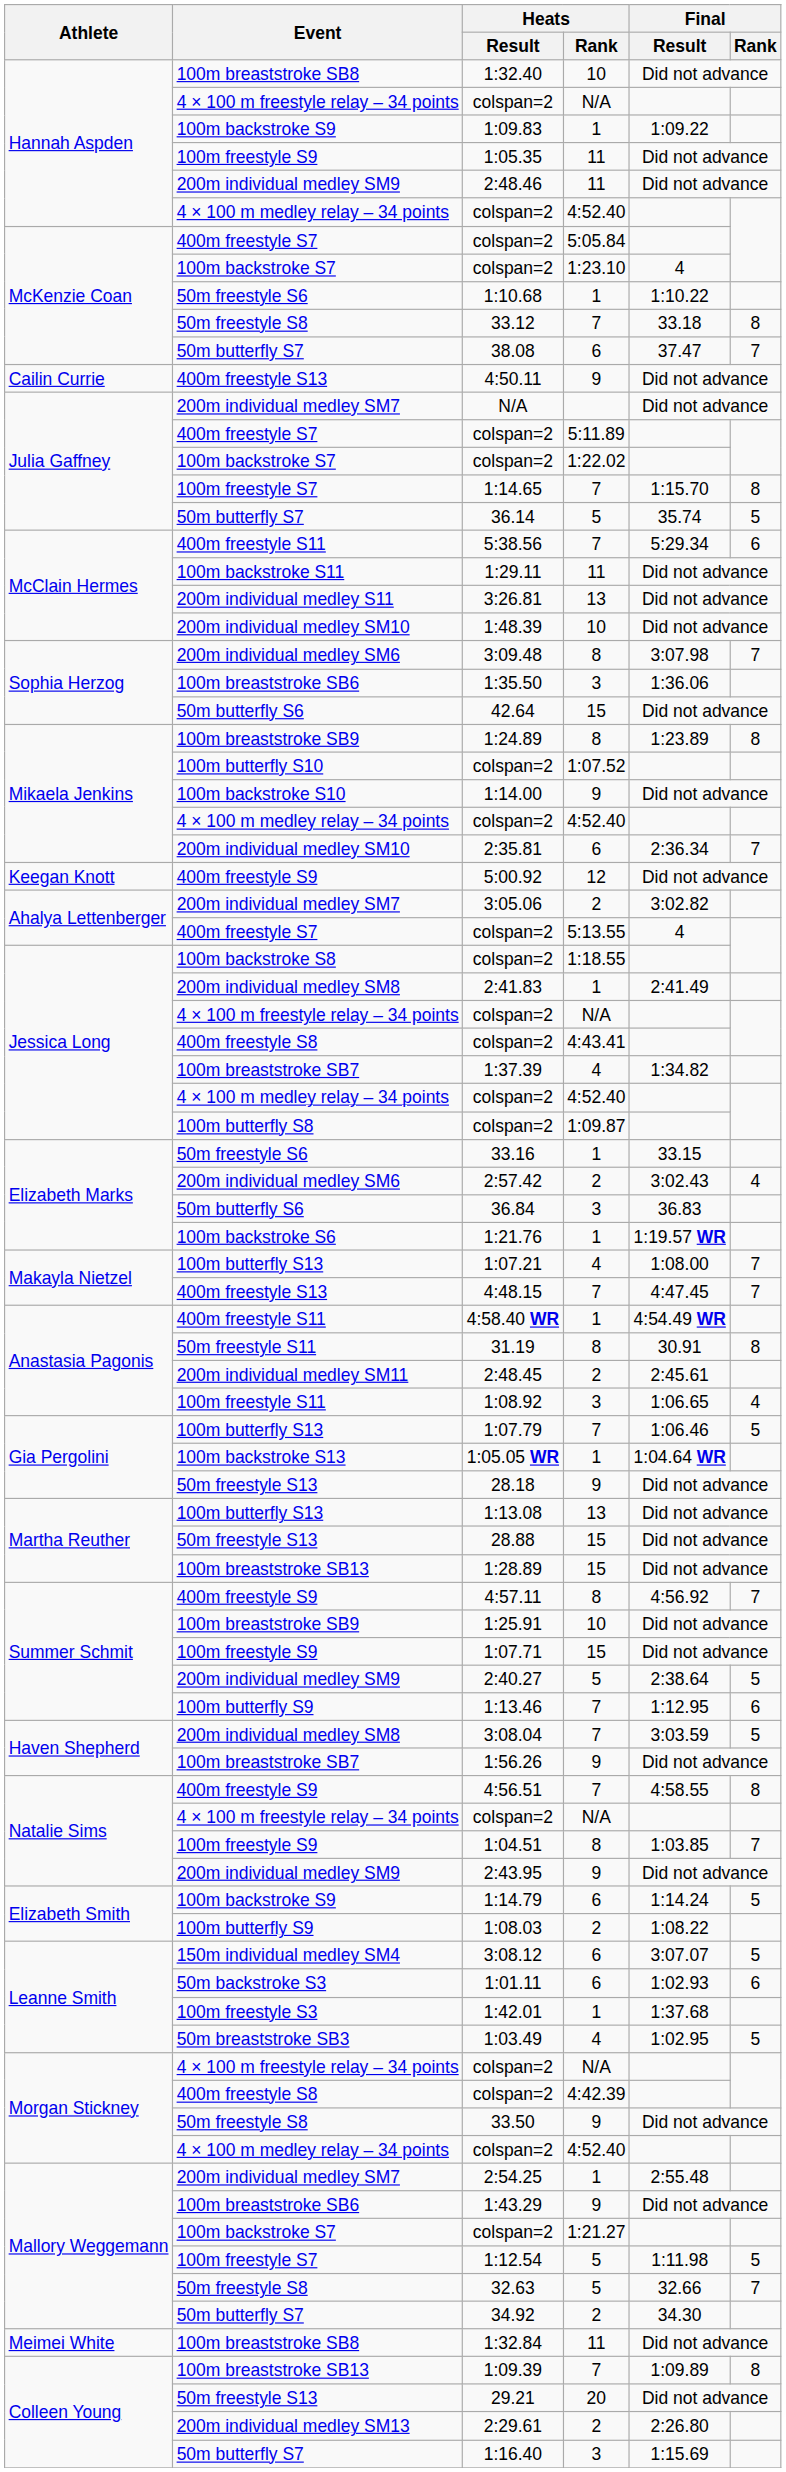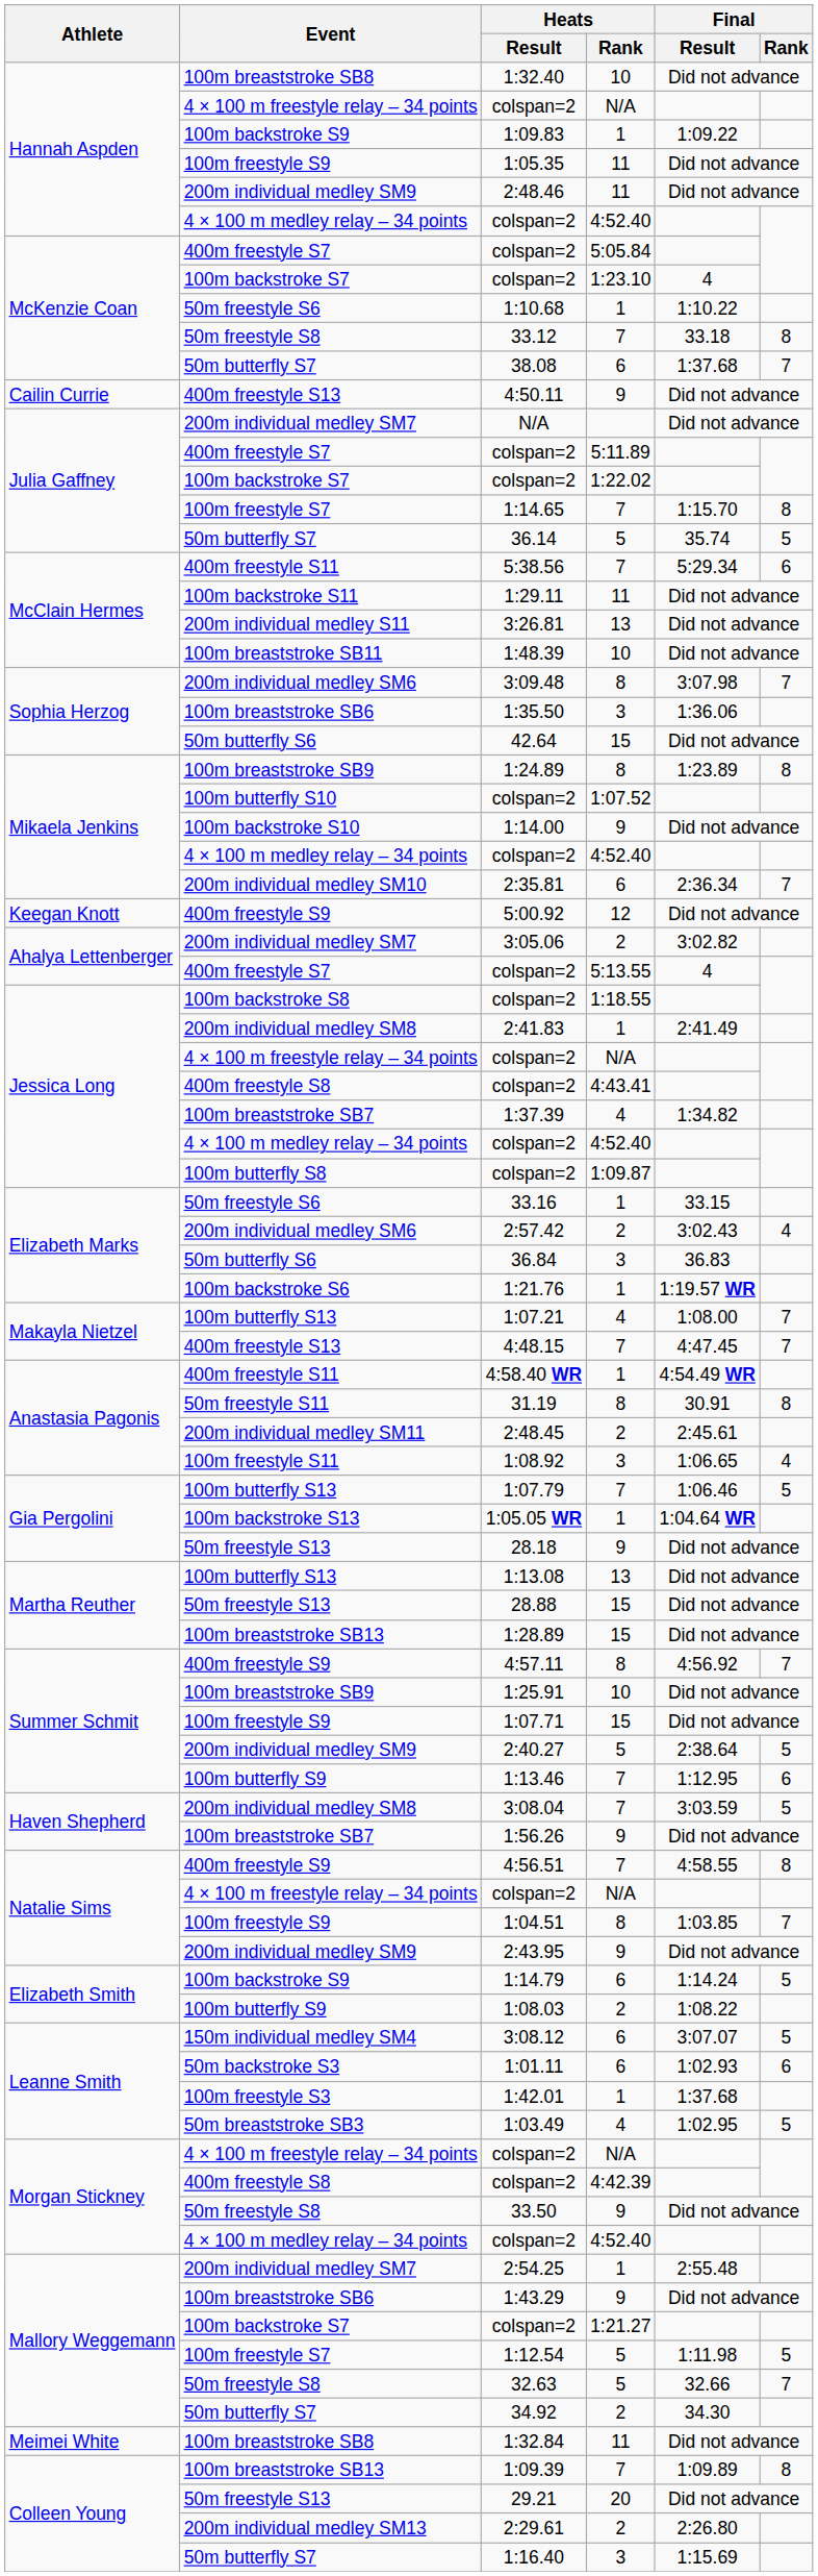 <table class=wikitable style="font-size:95%">
 <tr>
 <th rowspan="2">Athlete</th>
 <th rowspan="2">Event</th>
 <th colspan="2">Heats</th>
 <th colspan="2">Final</th>
 </tr>
 <tr>
 <th>Result</th>
 <th>Rank</th>
 <th>Result</th>
 <th>Rank</th>
 </tr>
 <tr align=center>
 <td rowspan=6 align=left><a href='#'>Hannah Aspden</a></td>
 <td align=left><a href='#'>100m breaststroke SB8</a></td>
 <td>1:32.40</td>
 <td>10</td>
 <td colspan=2>Did not advance</td>
 </tr>
 <tr align=center>
 <td align=left><a href='#'>4 × 100 m freestyle relay – 34 points</a></td>
 <td>colspan=2 </td>
 <td>N/A</td>
 <td><strong></strong></td>
 </tr>
 <tr align=center>
 <td align=left><a href='#'>100m backstroke S9</a></td>
 <td>1:09.83</td>
 <td>1 <strong></strong></td>
 <td>1:09.22 <strong></strong></td>
 <td></td>
 </tr>
 <tr align=center>
 <td align=left><a href='#'>100m freestyle S9</a></td>
 <td>1:05.35</td>
 <td>11</td>
 <td colspan=2>Did not advance</td>
 </tr>
 <tr align=center>
 <td align=left><a href='#'>200m individual medley SM9</a></td>
 <td>2:48.46</td>
 <td>11</td>
 <td colspan=2>Did not advance</td>
 </tr>
 <tr align=center>
 <td align=left><a href='#'>4 × 100 m medley relay – 34 points</a></td>
 <td>colspan=2 </td>
 <td>4:52.40</td>
 <td></td>
 </tr>
 <tr align=center>
 <td rowspan=5 align=left><a href='#'>McKenzie Coan</a></td>
 <td align=left><a href='#'>400m freestyle S7</a></td>
 <td>colspan=2 </td>
 <td>5:05.84</td>
 <td></td>
 </tr>
 <tr align=center>
 <td align=left><a href='#'>100m backstroke S7</a></td>
 <td>colspan=2 </td>
 <td>1:23.10</td>
 <td>4</td>
 </tr>
 <tr align=center>
 <td align=left><a href='#'>50m freestyle S6</a></td>
 <td>1:10.68</td>
 <td>1 <strong></strong></td>
 <td>1:10.22</td>
 <td></td>
 </tr>
 <tr align=center>
 <td align=left><a href='#'>50m freestyle S8</a></td>
 <td>33.12</td>
 <td>7 <strong></strong></td>
 <td>33.18</td>
 <td>8</td>
 </tr>
 <tr align=center>
 <td align=left><a href='#'>50m butterfly S7</a></td>
 <td>38.08</td>
 <td>6 <strong></strong></td>
-<td>37.47</td>
+<td>1:37.68</td>
 <td>7</td>
 </tr>
 <tr align=center>
 <td align=left><a href='#'>Cailin Currie</a></td>
 <td align=left><a href='#'>400m freestyle S13</a></td>
 <td>4:50.11</td>
 <td>9</td>
 <td colspan=2>Did not advance</td>
 </tr>
 <tr align=center>
 <td rowspan=5 align=left><a href='#'>Julia Gaffney</a></td>
 <td align=left><a href='#'>200m individual medley SM7</a></td>
 <td>N/A</td>
 <td><strong></strong></td>
 <td colspan=2>Did not advance</td>
 </tr>
 <tr align=center>
 <td align=left><a href='#'>400m freestyle S7</a></td>
 <td>colspan=2 </td>
 <td>5:11.89</td>
 <td></td>
 </tr>
 <tr align=center>
 <td align=left><a href='#'>100m backstroke S7</a></td>
 <td>colspan=2 </td>
 <td>1:22.02</td>
 <td></td>
 </tr>
 <tr align=center>
 <td align=left><a href='#'>100m freestyle S7</a></td>
 <td>1:14.65</td>
 <td>7 <strong></strong></td>
 <td>1:15.70</td>
 <td>8</td>
 </tr>
 <tr align=center>
 <td align=left><a href='#'>50m butterfly S7</a></td>
 <td>36.14</td>
 <td>5 <strong></strong></td>
 <td>35.74</td>
 <td>5</td>
 </tr>
 <tr align=center>
 <td rowspan=4 align=left><a href='#'>McClain Hermes</a></td>
 <td align=left><a href='#'>400m freestyle S11</a></td>
 <td>5:38.56</td>
 <td>7 <strong></strong></td>
 <td>5:29.34</td>
 <td>6</td>
 </tr>
 <tr align=center>
 <td align=left><a href='#'>100m backstroke S11</a></td>
 <td>1:29.11</td>
 <td>11</td>
 <td colspan=2>Did not advance</td>
 </tr>
 <tr align=center>
 <td align=left><a href='#'>200m individual medley S11</a></td>
 <td>3:26.81</td>
 <td>13</td>
 <td colspan=2>Did not advance</td>
 </tr>
 <tr align=center>
-<td align=left><a href='#'>200m individual medley SM10</a></td>
+<td align=left><a href='#'>100m breaststroke SB11</a></td>
 <td>1:48.39</td>
 <td>10</td>
 <td colspan=2>Did not advance</td>
 </tr>
 <tr align=center>
 <td rowspan=3 align=left><a href='#'>Sophia Herzog</a></td>
 <td align=left><a href='#'>200m individual medley SM6</a></td>
 <td>3:09.48</td>
 <td>8 <strong></strong></td>
 <td>3:07.98</td>
 <td>7</td>
 </tr>
 <tr align=center>
 <td align=left><a href='#'>100m breaststroke SB6</a></td>
 <td>1:35.50 <strong></strong></td>
 <td>3 <strong></strong></td>
 <td>1:36.06</td>
 <td></td>
 </tr>
 <tr align=center>
 <td align=left><a href='#'>50m butterfly S6</a></td>
 <td>42.64</td>
 <td>15</td>
 <td colspan=2>Did not advance</td>
 </tr>
 <tr align=center>
 <td rowspan=5 align=left><a href='#'>Mikaela Jenkins</a></td>
 <td align=left><a href='#'>100m breaststroke SB9</a></td>
 <td>1:24.89</td>
 <td>8 <strong></strong></td>
 <td>1:23.89</td>
 <td>8</td>
 </tr>
 <tr align=center>
 <td align=left><a href='#'>100m butterfly S10</a></td>
 <td>colspan=2 </td>
 <td>1:07.52</td>
 <td></td>
 </tr>
 <tr align=center>
 <td align=left><a href='#'>100m backstroke S10</a></td>
 <td>1:14.00</td>
 <td>9</td>
 <td colspan=2>Did not advance</td>
 </tr>
 <tr align=center>
 <td align=left><a href='#'>4 × 100 m medley relay – 34 points</a></td>
 <td>colspan=2 </td>
 <td>4:52.40</td>
 <td></td>
 </tr>
 <tr align=center>
 <td align=left><a href='#'>200m individual medley SM10</a></td>
 <td>2:35.81</td>
 <td>6 <strong></strong></td>
 <td>2:36.34</td>
 <td>7</td>
 </tr>
 <tr align=center>
 <td align=left><a href='#'>Keegan Knott</a></td>
 <td align=left><a href='#'>400m freestyle S9</a></td>
 <td>5:00.92</td>
 <td>12</td>
 <td colspan=2>Did not advance</td>
 </tr>
 <tr align=center>
 <td rowspan=2 align=left><a href='#'>Ahalya Lettenberger</a></td>
 <td align=left><a href='#'>200m individual medley SM7</a></td>
 <td>3:05.06</td>
 <td>2 <strong></strong></td>
 <td>3:02.82</td>
 <td></td>
 </tr>
 <tr align=center>
 <td align=left><a href='#'>400m freestyle S7</a></td>
 <td>colspan=2 </td>
 <td>5:13.55</td>
 <td>4</td>
 </tr>
 <tr align=center>
 <td rowspan=7 align=left><a href='#'>Jessica Long</a></td>
 <td align=left><a href='#'>100m backstroke S8</a></td>
 <td>colspan=2 </td>
 <td>1:18.55</td>
 <td></td>
 </tr>
 <tr align=center>
 <td align=left><a href='#'>200m individual medley SM8</a></td>
 <td>2:41.83</td>
 <td>1 <strong></strong></td>
 <td>2:41.49</td>
 <td></td>
 </tr>
 <tr align=center>
 <td align=left><a href='#'>4 × 100 m freestyle relay – 34 points</a></td>
 <td>colspan=2 </td>
 <td>N/A</td>
 <td><strong></strong></td>
 </tr>
 <tr align=center>
 <td align=left><a href='#'>400m freestyle S8</a></td>
 <td>colspan=2 </td>
 <td>4:43.41</td>
 <td></td>
 </tr>
 <tr align=center>
 <td align=left><a href='#'>100m breaststroke SB7</a></td>
 <td>1:37.39</td>
 <td>4 <strong></strong></td>
 <td>1:34.82</td>
 <td></td>
 </tr>
 <tr align=center>
 <td align=left><a href='#'>4 × 100 m medley relay – 34 points</a></td>
 <td>colspan=2 </td>
 <td>4:52.40</td>
 <td></td>
 </tr>
 <tr align=center>
 <td align=left><a href='#'>100m butterfly S8</a></td>
 <td>colspan=2 </td>
 <td>1:09.87</td>
 <td></td>
 </tr>
 <tr align=center>
 <td rowspan=4 align=left><a href='#'>Elizabeth Marks</a></td>
 <td align=left><a href='#'>50m freestyle S6</a></td>
 <td>33.16 <strong></strong></td>
 <td>1 <strong></strong></td>
 <td>33.15</td>
 <td></td>
 </tr>
 <tr align=center>
 <td align=left><a href='#'>200m individual medley SM6</a></td>
 <td>2:57.42</td>
 <td>2 <strong></strong></td>
 <td>3:02.43</td>
 <td>4</td>
 </tr>
 <tr align=center>
 <td align=left><a href='#'>50m butterfly S6</a></td>
 <td>36.84 <strong></strong></td>
 <td>3 <strong></strong></td>
 <td>36.83 <strong></strong></td>
 <td></td>
 </tr>
 <tr align=center>
 <td align=left><a href='#'>100m backstroke S6</a></td>
 <td>1:21.76</td>
 <td>1 <strong></strong></td>
 <td>1:19.57 <strong><a href='#'>WR</a></strong></td>
 <td></td>
 </tr>
 <tr align=center>
 <td rowspan=2 align=left><a href='#'>Makayla Nietzel</a></td>
 <td align=left><a href='#'>100m butterfly S13</a></td>
 <td>1:07.21</td>
 <td>4 <strong></strong></td>
 <td>1:08.00</td>
 <td>7</td>
 </tr>
 <tr align=center>
 <td align=left><a href='#'>400m freestyle S13</a></td>
 <td>4:48.15</td>
 <td>7 <strong></strong></td>
 <td>4:47.45</td>
 <td>7</td>
 </tr>
 <tr align=center>
 <td rowspan=4 align=left><a href='#'>Anastasia Pagonis</a></td>
 <td align=left><a href='#'>400m freestyle S11</a></td>
 <td>4:58.40 <strong><a href='#'>WR</a></strong></td>
 <td>1 <strong></strong></td>
 <td>4:54.49 <strong><a href='#'>WR</a></strong></td>
 <td></td>
 </tr>
 <tr align=center>
 <td align=left><a href='#'>50m freestyle S11</a></td>
 <td>31.19</td>
 <td>8 <strong></strong></td>
 <td>30.91 <strong></strong></td>
 <td>8</td>
 </tr>
 <tr align=center>
 <td align=left><a href='#'>200m individual medley SM11</a></td>
 <td>2:48.45</td>
 <td>2 <strong></strong></td>
 <td>2:45.61 <strong></strong></td>
 <td></td>
 </tr>
 <tr align=center>
 <td align=left><a href='#'>100m freestyle S11</a></td>
 <td>1:08.92</td>
 <td>3 <strong></strong></td>
 <td>1:06.65</td>
 <td>4</td>
 </tr>
 <tr align=center>
 <td rowspan=3 align=left><a href='#'>Gia Pergolini</a></td>
 <td align=left><a href='#'>100m butterfly S13</a></td>
 <td>1:07.79</td>
 <td>7 <strong></strong></td>
 <td>1:06.46</td>
 <td>5</td>
 </tr>
 <tr align=center>
 <td align=left><a href='#'>100m backstroke S13</a></td>
 <td>1:05.05 <strong><a href='#'>WR</a></strong></td>
 <td>1 <strong></strong></td>
 <td>1:04.64 <strong><a href='#'>WR</a></strong></td>
 <td></td>
 </tr>
 <tr align=center>
 <td align=left><a href='#'>50m freestyle S13</a></td>
 <td>28.18</td>
 <td>9</td>
 <td colspan=2>Did not advance</td>
 </tr>
 <tr align=center>
 <td rowspan=3 align=left><a href='#'>Martha Reuther</a></td>
 <td align=left><a href='#'>100m butterfly S13</a></td>
 <td>1:13.08</td>
 <td>13</td>
 <td colspan=2>Did not advance</td>
 </tr>
 <tr align=center>
 <td align=left><a href='#'>50m freestyle S13</a></td>
 <td>28.88</td>
 <td>15</td>
 <td colspan=2>Did not advance</td>
 </tr>
 <tr align=center>
 <td align=left><a href='#'>100m breaststroke SB13</a></td>
 <td>1:28.89</td>
 <td>15</td>
 <td colspan=2>Did not advance</td>
 </tr>
 <tr align=center>
 <td rowspan=5 align=left><a href='#'>Summer Schmit</a></td>
 <td align=left><a href='#'>400m freestyle S9</a></td>
 <td>4:57.11</td>
 <td>8 <strong></strong></td>
 <td>4:56.92</td>
 <td>7</td>
 </tr>
 <tr align=center>
 <td align=left><a href='#'>100m breaststroke SB9</a></td>
 <td>1:25.91</td>
 <td>10</td>
 <td colspan=2>Did not advance</td>
 </tr>
 <tr align=center>
 <td align=left><a href='#'>100m freestyle S9</a></td>
 <td>1:07.71</td>
 <td>15</td>
 <td colspan=2>Did not advance</td>
 </tr>
 <tr align=center>
 <td align=left><a href='#'>200m individual medley SM9</a></td>
 <td>2:40.27</td>
 <td>5 <strong></strong></td>
 <td>2:38.64</td>
 <td>5</td>
 </tr>
 <tr align=center>
 <td align=left><a href='#'>100m butterfly S9</a></td>
 <td>1:13.46</td>
 <td>7 <strong></strong></td>
 <td>1:12.95</td>
 <td>6</td>
 </tr>
 <tr align=center>
 <td rowspan=2 align=left><a href='#'>Haven Shepherd</a></td>
 <td align=left><a href='#'>200m individual medley SM8</a></td>
 <td>3:08.04</td>
 <td>7 <strong></strong></td>
 <td>3:03.59</td>
 <td>5</td>
 </tr>
 <tr align=center>
 <td align=left><a href='#'>100m breaststroke SB7</a></td>
 <td>1:56.26</td>
 <td>9</td>
 <td colspan=2>Did not advance</td>
 </tr>
 <tr align=center>
 <td rowspan=4 align=left><a href='#'>Natalie Sims</a></td>
 <td align=left><a href='#'>400m freestyle S9</a></td>
 <td>4:56.51</td>
 <td>7 <strong></strong></td>
 <td>4:58.55</td>
 <td>8</td>
 </tr>
 <tr align=center>
 <td align=left><a href='#'>4 × 100 m freestyle relay – 34 points</a></td>
 <td>colspan=2 </td>
 <td>N/A</td>
 <td><strong></strong></td>
 </tr>
 <tr align=center>
 <td align=left><a href='#'>100m freestyle S9</a></td>
 <td>1:04.51</td>
 <td>8 <strong></strong></td>
 <td>1:03.85</td>
 <td>7</td>
 </tr>
 <tr align=center>
 <td align=left><a href='#'>200m individual medley SM9</a></td>
 <td>2:43.95</td>
 <td>9</td>
 <td colspan=2>Did not advance</td>
 </tr>
 <tr align=center>
 <td rowspan=2 align=left><a href='#'>Elizabeth Smith</a></td>
 <td align=left><a href='#'>100m backstroke S9</a></td>
 <td>1:14.79</td>
 <td>6 <strong></strong></td>
 <td>1:14.24</td>
 <td>5</td>
 </tr>
 <tr align=center>
 <td align=left><a href='#'>100m butterfly S9</a></td>
 <td>1:08.03 <strong></strong></td>
 <td>2 <strong></strong></td>
 <td>1:08.22</td>
 <td></td>
 </tr>
 <tr align=center>
 <td rowspan=4 align=left><a href='#'>Leanne Smith</a></td>
 <td align=left><a href='#'>150m individual medley SM4</a></td>
 <td>3:08.12</td>
 <td>6 <strong></strong></td>
 <td>3:07.07</td>
 <td>5</td>
 </tr>
 <tr align=center>
 <td align=left><a href='#'>50m backstroke S3</a></td>
 <td>1:01.11</td>
 <td>6 <strong></strong></td>
 <td>1:02.93</td>
 <td>6</td>
 </tr>
 <tr align=center>
 <td align=left><a href='#'>100m freestyle S3</a></td>
 <td>1:42.01</td>
 <td>1 <strong></strong></td>
 <td>1:37.68</td>
 <td></td>
 </tr>
 <tr align=center>
 <td align=left><a href='#'>50m breaststroke SB3</a></td>
 <td>1:03.49</td>
 <td>4 <strong></strong></td>
 <td>1:02.95</td>
 <td>5</td>
 </tr>
 <tr align=center>
 <td rowspan=4 align=left><a href='#'>Morgan Stickney</a></td>
 <td align=left><a href='#'>4 × 100 m freestyle relay – 34 points</a></td>
 <td>colspan=2 </td>
 <td>N/A</td>
 <td><strong></strong></td>
 </tr>
 <tr align=center>
 <td align=left><a href='#'>400m freestyle S8</a></td>
 <td>colspan=2 </td>
 <td>4:42.39</td>
 <td></td>
 </tr>
 <tr align=center>
 <td align=left><a href='#'>50m freestyle S8</a></td>
 <td>33.50</td>
 <td>9</td>
 <td colspan=2>Did not advance</td>
 </tr>
 <tr align=center>
 <td align=left><a href='#'>4 × 100 m medley relay – 34 points</a></td>
 <td>colspan=2 </td>
 <td>4:52.40</td>
 <td></td>
 </tr>
 <tr align=center>
 <td rowspan=6 align=left><a href='#'>Mallory Weggemann</a></td>
 <td align=left><a href='#'>200m individual medley SM7</a></td>
 <td>2:54.25 <strong></strong></td>
 <td>1 <strong></strong></td>
 <td>2:55.48</td>
 <td></td>
 </tr>
 <tr align=center>
 <td align=left><a href='#'>100m breaststroke SB6</a></td>
 <td>1:43.29</td>
 <td>9</td>
 <td colspan=2>Did not advance</td>
 </tr>
 <tr align=center>
 <td align=left><a href='#'>100m backstroke S7</a></td>
 <td>colspan=2 </td>
 <td>1:21.27 <strong></strong></td>
 <td></td>
 </tr>
 <tr align=center>
 <td align=left><a href='#'>100m freestyle S7</a></td>
 <td>1:12.54</td>
 <td>5 <strong></strong></td>
 <td>1:11.98</td>
 <td>5</td>
 </tr>
 <tr align=center>
 <td align=left><a href='#'>50m freestyle S8</a></td>
 <td>32.63</td>
 <td>5 <strong></strong></td>
 <td>32.66</td>
 <td>7</td>
 </tr>
 <tr align=center>
 <td align=left><a href='#'>50m butterfly S7</a></td>
 <td>34.92</td>
 <td>2 <strong></strong></td>
 <td>34.30</td>
 <td></td>
 </tr>
 <tr align=center>
 <td align=left><a href='#'>Meimei White</a></td>
 <td align=left><a href='#'>100m breaststroke SB8</a></td>
 <td>1:32.84</td>
 <td>11</td>
 <td colspan=2>Did not advance</td>
 </tr>
 <tr align=center>
 <td rowspan=4 align=left><a href='#'>Colleen Young</a></td>
 <td align=left><a href='#'>100m breaststroke SB13</a></td>
 <td>1:09.39</td>
 <td>7 <strong></strong></td>
 <td>1:09.89</td>
 <td>8</td>
 </tr>
 <tr align=center>
 <td align=left><a href='#'>50m freestyle S13</a></td>
 <td>29.21</td>
 <td>20</td>
 <td colspan=2>Did not advance</td>
 </tr>
 <tr align=center>
 <td align=left><a href='#'>200m individual medley SM13</a></td>
 <td>2:29.61</td>
 <td>2 <strong></strong></td>
 <td>2:26.80</td>
 <td></td>
 </tr>
 <tr align=center>
 <td align=left><a href='#'>50m butterfly S7</a></td>
 <td>1:16.40</td>
 <td>3</td>
 <td>1:15.69 <strong></strong></td>
 <td></td>
 </tr>
 </table>
